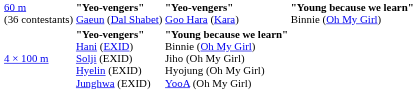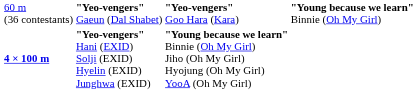 <table>
 <tr>
 <td><a href='#'>60 m</a><br>(36 contestants)</td>
 <td><strong>"Yeo-vengers"</strong><br><a href='#'>Gaeun</a> (<a href='#'>Dal Shabet</a>)</td>
 <td><strong>"Yeo-vengers"</strong><br><a href='#'>Goo Hara</a> (<a href='#'>Kara</a>)</td>
 <td><strong>"Young because we learn"</strong><br>Binnie (<a href='#'>Oh My Girl</a>)</td>
 </tr>
 <tr>
-<td><a href='#'>4 × 100 m</a></td>
+<td><strong><a href='#'>4 × 100 m</a></strong></td>
 <td><strong>"Yeo-vengers"</strong><br><a href='#'>Hani</a> (<a href='#'>EXID</a>)<br><a href='#'>Solji</a> (EXID)<br><a href='#'>Hyelin</a> (EXID)<br><a href='#'>Junghwa</a> (EXID)</td>
 <td><strong>"Young because we learn"</strong><br>Binnie (<a href='#'>Oh My Girl</a>)<br>Jiho (Oh My Girl)<br>Hyojung (Oh My Girl)<br><a href='#'>YooA</a> (Oh My Girl)</td>
 <td></td>
 </tr>
 </table>
